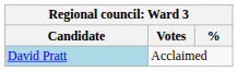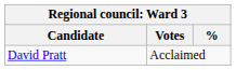 <table class="wikitable">
 <tr>
 <th colspan="3">Regional council: Ward 3</th>
 </tr>
 <tr>
 <th style="width: 170px">Candidate</th>
 <th style="width: 50px">Votes</th>
 <th style="width: 40px">%</th>
 </tr>
 <tr>
-<td style="background: lightblue;"><a href='#'>David Pratt</a></td>
+<td><a href='#'>David Pratt</a></td>
 <td colspan="2">Acclaimed</td>
 </tr>
 </table>
